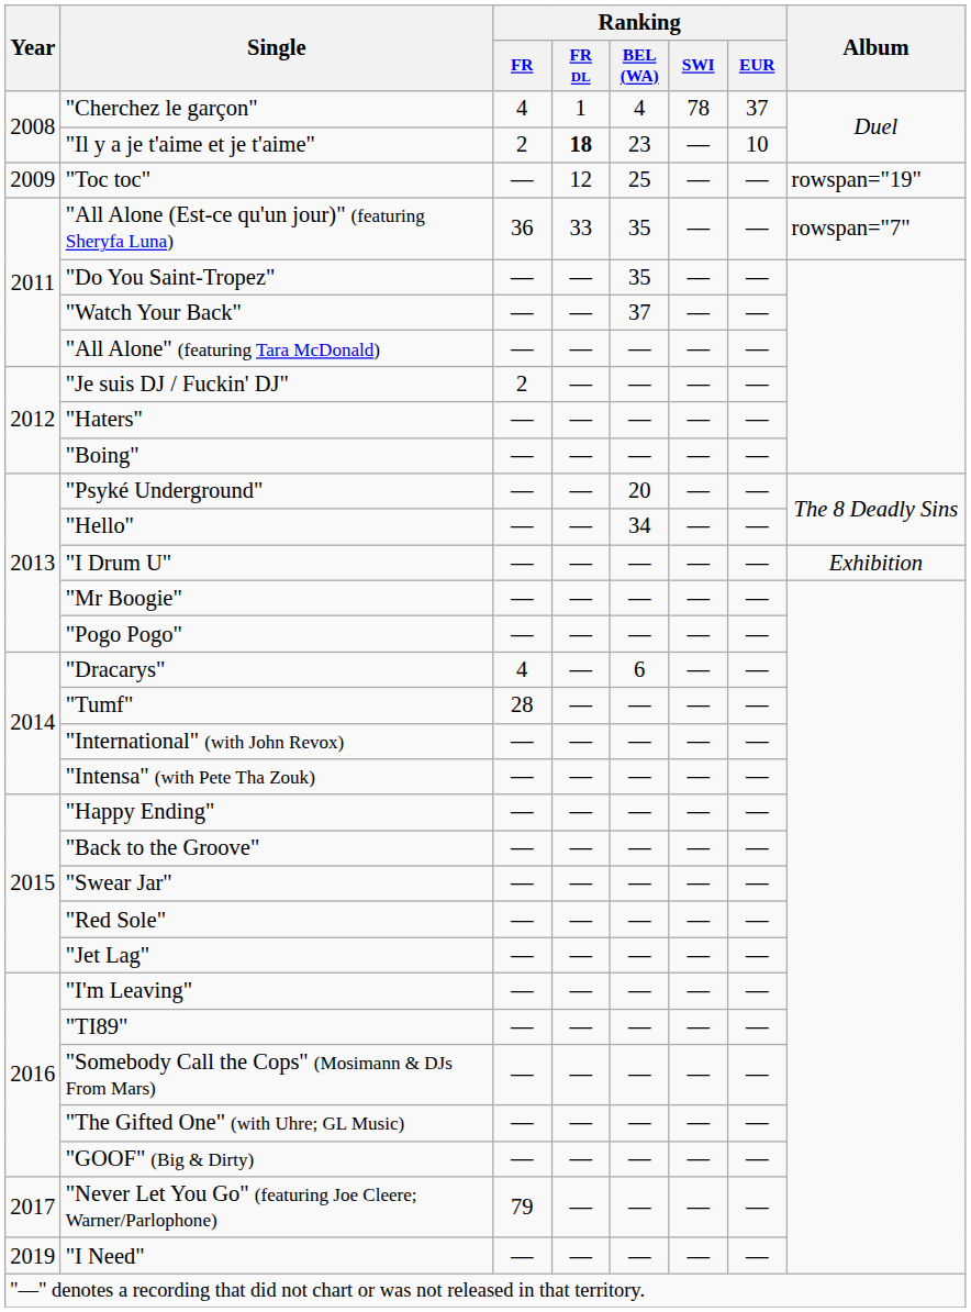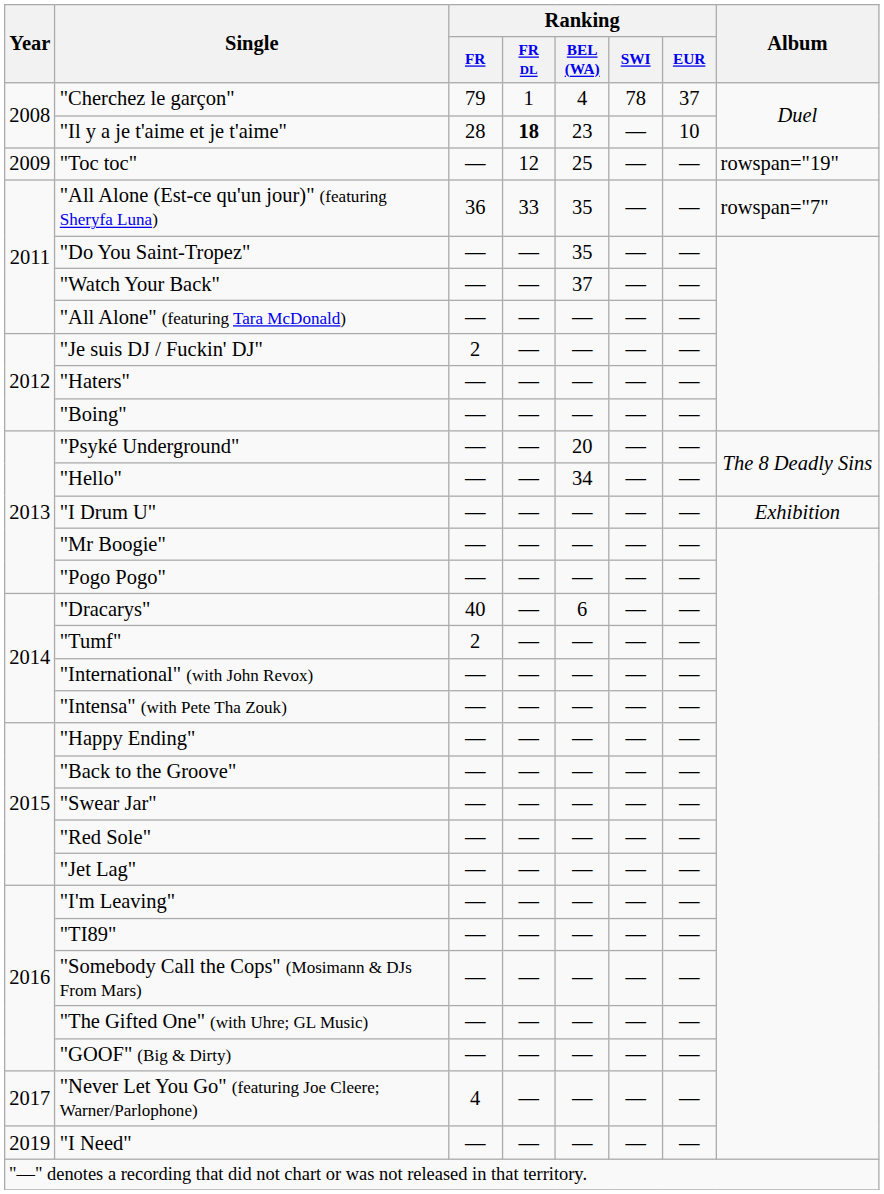 <table class="wikitable">
 <tr>
 <th align="center" rowspan="2">Year</th>
 <th align="center" rowspan="2" width="300">Single</th>
 <th align="center" colspan="5">Ranking</th>
 <th align="center" rowspan="2" width="120">Album</th>
 </tr>
 <tr>
 <th style="width:3em;font-size:75%"><a href='#'>FR</a></th>
 <th style="width:3em;font-size:75%"><a href='#'>FR</a><br><small><a href='#'>DL</a></small></th>
 <th style="width:3em;font-size:75%"><a href='#'>BEL (WA)</a></th>
 <th style="width:3em;font-size:75%"><a href='#'>SWI</a></th>
 <th style="width:3em;font-size:75%"><a href='#'>EUR</a></th>
 </tr>
 <tr>
 <td align="center" rowspan="2">2008</td>
 <td>"Cherchez le garçon"</td>
-<td align="center">4</td>
+<td align="center">79<br></td>
 <td align="center">1</td>
 <td align="center">4</td>
 <td align="center">78</td>
 <td align="center">37</td>
 <td align="center" rowspan="2"><em>Duel</em></td>
 </tr>
 <tr>
 <td>"Il y a je t'aime et je t'aime"</td>
-<td align="center">2</td>
+<td align="center">28</td>
 <td align="center"><strong>18</strong></td>
 <td align="center">23</td>
 <td align="center">—</td>
 <td align="center">10</td>
 </tr>
 <tr>
 <td align="center">2009</td>
 <td>"Toc toc"</td>
 <td align="center">—</td>
 <td align="center">12</td>
 <td align="center">25</td>
 <td align="center">—</td>
 <td align="center">—</td>
 <td>rowspan="19" </td>
 </tr>
 <tr>
 <td align="center" rowspan="4">2011</td>
 <td>"All Alone (Est-ce qu'un jour)" <small>(featuring <a href='#'>Sheryfa Luna</a>)</small></td>
 <td align="center">36</td>
 <td align="center">33</td>
 <td align="center">35</td>
 <td align="center">—</td>
 <td align="center">—</td>
 <td>rowspan="7" </td>
 </tr>
 <tr>
 <td>"Do You Saint-Tropez"</td>
 <td align="center">—</td>
 <td align="center">—</td>
 <td align="center">35</td>
 <td align="center">—</td>
 <td align="center">—</td>
 </tr>
 <tr>
 <td>"Watch Your Back"</td>
 <td align="center">—</td>
 <td align="center">—</td>
 <td align="center">37</td>
 <td align="center">—</td>
 <td align="center">—</td>
 </tr>
 <tr>
 <td>"All Alone" <small>(featuring <a href='#'>Tara McDonald</a>)</small></td>
 <td align="center">—</td>
 <td align="center">—</td>
 <td align="center">—</td>
 <td align="center">—</td>
 <td align="center">—</td>
 </tr>
 <tr>
 <td rowspan="3" align="center">2012</td>
 <td>"Je suis DJ / Fuckin' DJ"</td>
 <td align="center">2</td>
 <td align="center">—</td>
 <td align="center">—</td>
 <td align="center">—</td>
 <td align="center">—</td>
 </tr>
 <tr>
 <td>"Haters"</td>
 <td align="center">—</td>
 <td align="center">—</td>
 <td align="center">—</td>
 <td align="center">—</td>
 <td align="center">—</td>
 </tr>
 <tr>
 <td>"Boing"</td>
 <td align="center">—</td>
 <td align="center">—</td>
 <td align="center">—</td>
 <td align="center">—</td>
 <td align="center">—</td>
 </tr>
 <tr>
 <td rowspan="5" align="center">2013</td>
 <td>"Psyké Underground"</td>
 <td align="center">—</td>
 <td align="center">—</td>
 <td align="center">20</td>
 <td align="center">—</td>
 <td align="center">—</td>
 <td rowspan="2" align="center"><em>The 8 Deadly Sins</em></td>
 </tr>
 <tr>
 <td>"Hello"</td>
 <td align="center">—</td>
 <td align="center">—</td>
 <td align="center">34</td>
 <td align="center">—</td>
 <td align="center">—</td>
 </tr>
 <tr>
 <td>"I Drum U"</td>
 <td align="center">—</td>
 <td align="center">—</td>
 <td align="center">—</td>
 <td align="center">—</td>
 <td align="center">—</td>
 <td align="center"><em>Exhibition</em></td>
 </tr>
 <tr>
 <td>"Mr Boogie"</td>
 <td align="center">—</td>
 <td align="center">—</td>
 <td align="center">—</td>
 <td align="center">—</td>
 <td align="center">—</td>
 </tr>
 <tr>
 <td>"Pogo Pogo"</td>
 <td align="center">—</td>
 <td align="center">—</td>
 <td align="center">—</td>
 <td align="center">—</td>
 <td align="center">—</td>
 </tr>
 <tr>
 <td rowspan="4" align="center">2014</td>
 <td>"Dracarys"</td>
-<td align="center">4</td>
+<td align="center">40</td>
 <td align="center">—</td>
 <td align="center">6</td>
 <td align="center">—</td>
 <td align="center">—</td>
 </tr>
 <tr>
 <td>"Tumf"</td>
-<td align="center">28</td>
+<td align="center">2</td>
 <td align="center">—</td>
 <td align="center">—</td>
 <td align="center">—</td>
 <td align="center">—</td>
 </tr>
 <tr>
 <td>"International" <small>(with John Revox)</small></td>
 <td align="center">—</td>
 <td align="center">—</td>
 <td align="center">—</td>
 <td align="center">—</td>
 <td align="center">—</td>
 </tr>
 <tr>
 <td>"Intensa" <small>(with Pete Tha Zouk)</small></td>
 <td align="center">—</td>
 <td align="center">—</td>
 <td align="center">—</td>
 <td align="center">—</td>
 <td align="center">—</td>
 </tr>
 <tr>
 <td rowspan="5" align="center">2015</td>
 <td>"Happy Ending"</td>
 <td align="center">—</td>
 <td align="center">—</td>
 <td align="center">—</td>
 <td align="center">—</td>
 <td align="center">—</td>
 </tr>
 <tr>
 <td>"Back to the Groove"</td>
 <td align="center">—</td>
 <td align="center">—</td>
 <td align="center">—</td>
 <td align="center">—</td>
 <td align="center">—</td>
 </tr>
 <tr>
 <td>"Swear Jar"</td>
 <td align="center">—</td>
 <td align="center">—</td>
 <td align="center">—</td>
 <td align="center">—</td>
 <td align="center">—</td>
 </tr>
 <tr>
 <td>"Red Sole"</td>
 <td align="center">—</td>
 <td align="center">—</td>
 <td align="center">—</td>
 <td align="center">—</td>
 <td align="center">—</td>
 </tr>
 <tr>
 <td>"Jet Lag"</td>
 <td align="center">—</td>
 <td align="center">—</td>
 <td align="center">—</td>
 <td align="center">—</td>
 <td align="center">—</td>
 </tr>
 <tr>
 <td rowspan="5" align="center">2016</td>
 <td>"I'm Leaving"</td>
 <td align="center">—</td>
 <td align="center">—</td>
 <td align="center">—</td>
 <td align="center">—</td>
 <td align="center">—</td>
 </tr>
 <tr>
 <td>"TI89"</td>
 <td align="center">—</td>
 <td align="center">—</td>
 <td align="center">—</td>
 <td align="center">—</td>
 <td align="center">—</td>
 </tr>
 <tr>
 <td>"Somebody Call the Cops" <small>(Mosimann & DJs From Mars)</small></td>
 <td align="center">—</td>
 <td align="center">—</td>
 <td align="center">—</td>
 <td align="center">—</td>
 <td align="center">—</td>
 </tr>
 <tr>
 <td>"The Gifted One" <small>(with Uhre; GL Music)</small></td>
 <td align="center">—</td>
 <td align="center">—</td>
 <td align="center">—</td>
 <td align="center">—</td>
 <td align="center">—</td>
 </tr>
 <tr>
 <td>"GOOF" <small>(Big & Dirty)</small></td>
 <td align="center">—</td>
 <td align="center">—</td>
 <td align="center">—</td>
 <td align="center">—</td>
 <td align="center">—</td>
 </tr>
 <tr>
 <td align="center">2017</td>
 <td>"Never Let You Go" <small>(featuring Joe Cleere; Warner/Parlophone)</small></td>
-<td align="center">79<br></td>
+<td align="center">4</td>
 <td align="center">—</td>
 <td align="center">—</td>
 <td align="center">—</td>
 <td align="center">—</td>
 </tr>
 <tr>
 <td align="center">2019</td>
 <td>"I Need"</td>
 <td align="center">—</td>
 <td align="center">—</td>
 <td align="center">—</td>
 <td align="center">—</td>
 <td align="center">—</td>
 </tr>
 <tr>
 <td colspan="16" style="font-size:90%">"—" denotes a recording that did not chart or was not released in that territory.</td>
 </tr>
 </table>
